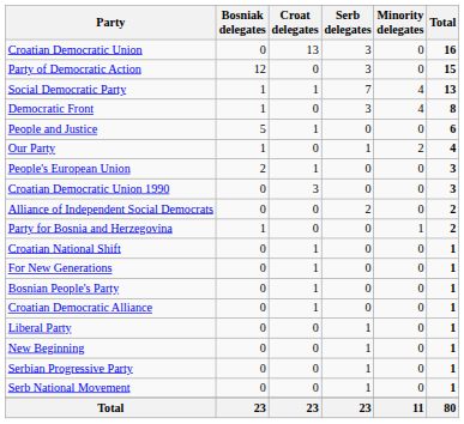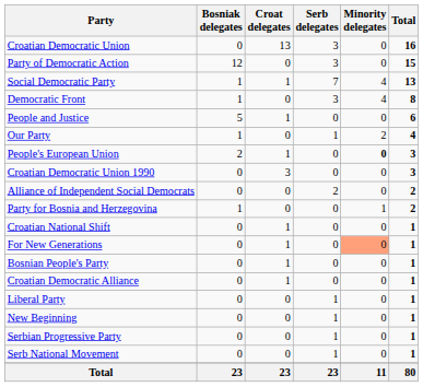 <table class="wikitable" style="font-size: 90%;">
 <tr>
 <th>Party</th>
 <th>Bosniak<br>delegates</th>
 <th>Croat<br>delegates</th>
 <th>Serb<br>delegates</th>
 <th>Minority<br>delegates</th>
 <th>Total</th>
 </tr>
 <tr>
 <td><a href='#'>Croatian Democratic Union</a></td>
 <td style="text-align:right;">0</td>
 <td style="text-align:right;">13</td>
 <td style="text-align:right;">3</td>
 <td style="text-align:right;">0</td>
 <td style="text-align:right;"><strong>16</strong></td>
 </tr>
 <tr>
 <td><a href='#'>Party of Democratic Action</a></td>
 <td style="text-align:right;">12</td>
 <td style="text-align:right;">0</td>
 <td style="text-align:right;">3</td>
 <td style="text-align:right;">0</td>
 <td style="text-align:right;"><strong>15</strong></td>
 </tr>
 <tr>
 <td><a href='#'>Social Democratic Party</a></td>
 <td style="text-align:right;">1</td>
 <td style="text-align:right;">1</td>
 <td style="text-align:right;">7</td>
 <td style="text-align:right;">4</td>
 <td style="text-align:right;"><strong>13</strong></td>
 </tr>
 <tr>
 <td><a href='#'>Democratic Front</a></td>
 <td style="text-align:right;">1</td>
 <td style="text-align:right;">0</td>
 <td style="text-align:right;">3</td>
 <td style="text-align:right;">4</td>
 <td style="text-align:right;"><strong>8</strong></td>
 </tr>
 <tr>
 <td><a href='#'>People and Justice</a></td>
 <td style="text-align:right;">5</td>
 <td style="text-align:right;">1</td>
 <td style="text-align:right;">0</td>
 <td style="text-align:right;">0</td>
 <td style="text-align:right;"><strong>6</strong></td>
 </tr>
 <tr>
 <td><a href='#'>Our Party</a></td>
 <td style="text-align:right;">1</td>
 <td style="text-align:right;">0</td>
 <td style="text-align:right;">1</td>
 <td style="text-align:right;">2</td>
 <td style="text-align:right;"><strong>4</strong></td>
 </tr>
 <tr>
 <td><a href='#'>People's European Union</a></td>
 <td style="text-align:right;">2</td>
 <td style="text-align:right;">1</td>
 <td style="text-align:right;">0</td>
-<td style="text-align:right;">0</td>
+<td style="text-align:right;"><strong>0</strong></td>
 <td style="text-align:right;"><strong>3</strong></td>
 </tr>
 <tr>
 <td><a href='#'>Croatian Democratic Union 1990</a></td>
 <td style="text-align:right;">0</td>
 <td style="text-align:right;">3</td>
 <td style="text-align:right;">0</td>
 <td style="text-align:right;">0</td>
 <td style="text-align:right;"><strong>3</strong></td>
 </tr>
 <tr>
 <td><a href='#'>Alliance of Independent Social Democrats</a></td>
 <td style="text-align:right;">0</td>
 <td style="text-align:right;">0</td>
 <td style="text-align:right;">2</td>
 <td style="text-align:right;">0</td>
 <td style="text-align:right;"><strong>2</strong></td>
 </tr>
 <tr>
 <td><a href='#'>Party for Bosnia and Herzegovina</a></td>
 <td style="text-align:right;">1</td>
 <td style="text-align:right;">0</td>
 <td style="text-align:right;">0</td>
 <td style="text-align:right;">1</td>
 <td style="text-align:right;"><strong>2</strong></td>
 </tr>
 <tr>
 <td><a href='#'>Croatian National Shift</a></td>
 <td style="text-align:right;">0</td>
 <td style="text-align:right;">1</td>
 <td style="text-align:right;">0</td>
 <td style="text-align:right;">0</td>
 <td style="text-align:right;"><strong>1</strong></td>
 </tr>
 <tr>
 <td><a href='#'>For New Generations</a></td>
 <td style="text-align:right;">0</td>
 <td style="text-align:right;">1</td>
 <td style="text-align:right;">0</td>
-<td style="text-align:right;">0</td>
+<td style="background: lightsalmon; text-align:right;">0</td>
 <td style="text-align:right;"><strong>1</strong></td>
 </tr>
 <tr>
 <td><a href='#'>Bosnian People's Party</a></td>
 <td style="text-align:right;">0</td>
 <td style="text-align:right;">1</td>
 <td style="text-align:right;">0</td>
 <td style="text-align:right;">0</td>
 <td style="text-align:right;"><strong>1</strong></td>
 </tr>
 <tr>
 <td><a href='#'>Croatian Democratic Alliance</a></td>
 <td style="text-align:right;">0</td>
 <td style="text-align:right;">1</td>
 <td style="text-align:right;">0</td>
 <td style="text-align:right;">0</td>
 <td style="text-align:right;"><strong>1</strong></td>
 </tr>
 <tr>
 <td><a href='#'>Liberal Party</a></td>
 <td style="text-align:right;">0</td>
 <td style="text-align:right;">0</td>
 <td style="text-align:right;">1</td>
 <td style="text-align:right;">0</td>
 <td style="text-align:right;"><strong>1</strong></td>
 </tr>
 <tr>
 <td><a href='#'>New Beginning</a></td>
 <td style="text-align:right;">0</td>
 <td style="text-align:right;">0</td>
 <td style="text-align:right;">1</td>
 <td style="text-align:right;">0</td>
 <td style="text-align:right;"><strong>1</strong></td>
 </tr>
 <tr>
 <td><a href='#'>Serbian Progressive Party</a></td>
 <td style="text-align:right;">0</td>
 <td style="text-align:right;">0</td>
 <td style="text-align:right;">1</td>
 <td style="text-align:right;">0</td>
 <td style="text-align:right;"><strong>1</strong></td>
 </tr>
 <tr>
 <td><a href='#'>Serb National Movement</a></td>
 <td style="text-align:right;">0</td>
 <td style="text-align:right;">0</td>
 <td style="text-align:right;">1</td>
 <td style="text-align:right;">0</td>
 <td style="text-align:right;"><strong>1</strong></td>
 </tr>
 <tr>
 </tr>
 <tr style="background-color:#ececec;">
 <th>Total</th>
 <th style="text-align:right;">23</th>
 <th style="text-align:right;">23</th>
 <th style="text-align:right;">23</th>
 <th style="text-align:right;">11</th>
 <th style="text-align:right;">80</th>
 </tr>
 </table>
